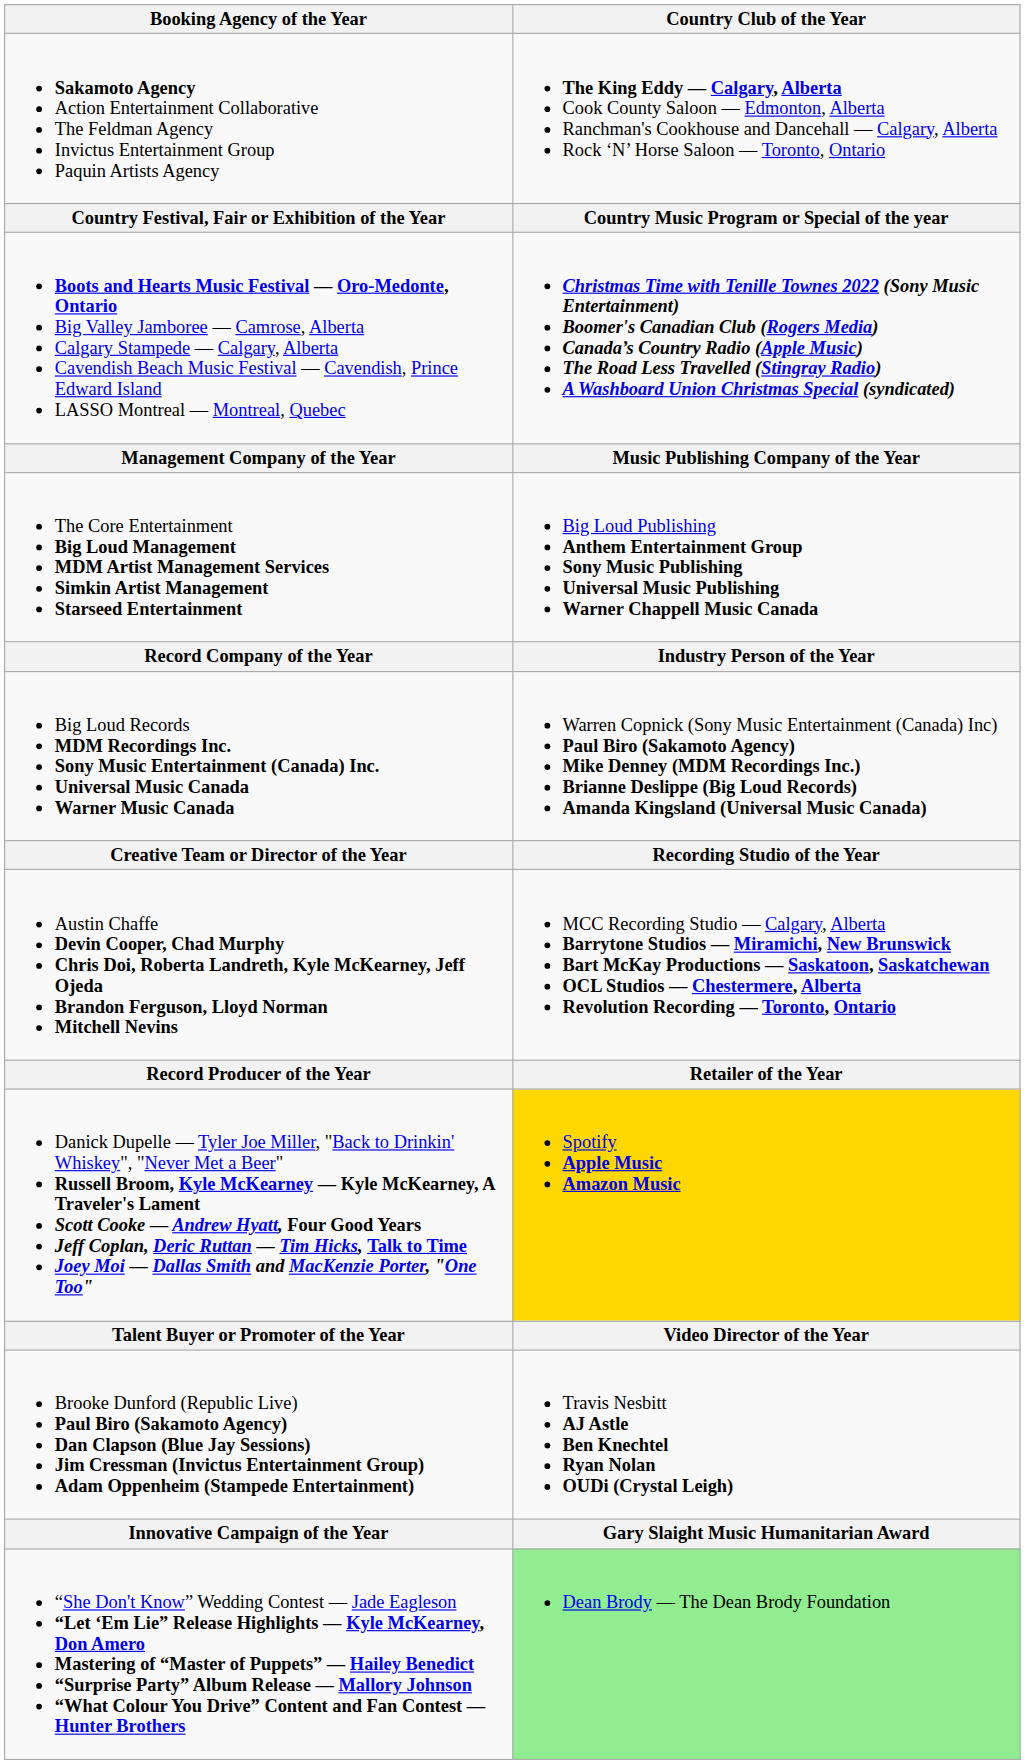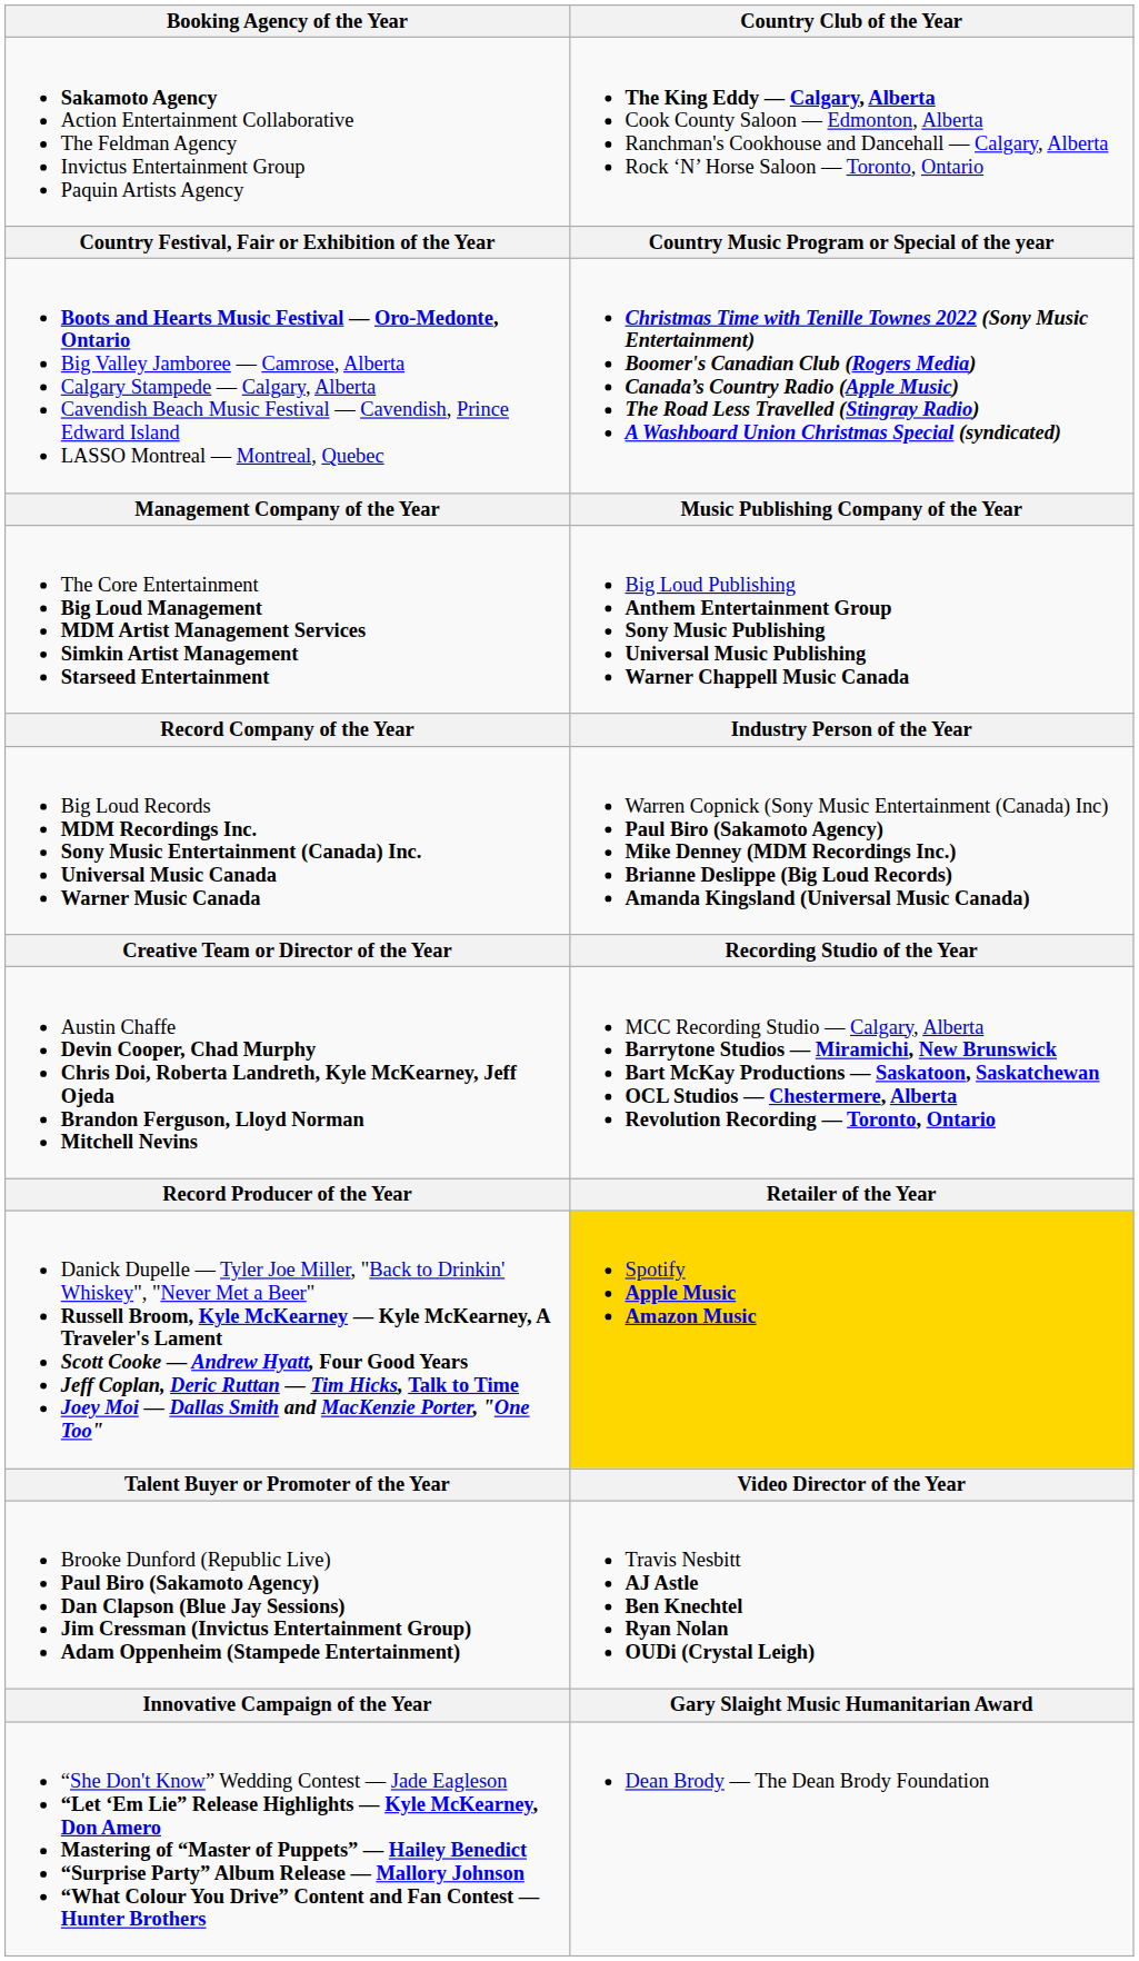 <table class="wikitable" style="width:100%">
 <tr>
 <th style="width:50%">Booking Agency of the Year</th>
 <th style="width:50%">Country Club of the Year</th>
 </tr>
 <tr>
 <td valign="top"><br><ul><li> <strong>Sakamoto Agency</strong></li><li>Action Entertainment Collaborative</li><li>The Feldman Agency</li><li>Invictus Entertainment Group</li><li>Paquin Artists Agency</li></ul></td>
 <td valign="top"><br><ul><li> <strong>The King Eddy — <a href='#'>Calgary</a>, <a href='#'>Alberta</a></strong></li><li>Cook County Saloon — <a href='#'>Edmonton</a>, <a href='#'>Alberta</a></li><li>Ranchman's Cookhouse and Dancehall — <a href='#'>Calgary</a>, <a href='#'>Alberta</a></li><li>Rock ‘N’ Horse Saloon — <a href='#'>Toronto</a>, <a href='#'>Ontario</a></li></ul></td>
 </tr>
 <tr>
 <th style="width:50%">Country Festival, Fair or Exhibition of the Year</th>
 <th style="width:50%">Country Music Program or Special of the year</th>
 </tr>
 <tr>
 <td valign="top"><br><ul><li> <strong><a href='#'>Boots and Hearts Music Festival</a> — <a href='#'>Oro-Medonte</a>, <a href='#'>Ontario</a></strong></li><li><a href='#'>Big Valley Jamboree</a> — <a href='#'>Camrose</a>, <a href='#'>Alberta</a></li><li><a href='#'>Calgary Stampede</a> — <a href='#'>Calgary</a>, <a href='#'>Alberta</a></li><li><a href='#'>Cavendish Beach Music Festival</a> — <a href='#'>Cavendish</a>, <a href='#'>Prince Edward Island</a></li><li>LASSO Montreal — <a href='#'>Montreal</a>, <a href='#'>Quebec</a></li></ul></td>
 <td valign="top"><br><ul><li> <strong><em><a href='#'>Christmas Time with Tenille Townes 2022</a><em> (Sony Music Entertainment)<strong></li><li></em>Boomer's Canadian Club<em> (<a href='#'>Rogers Media</a>)</li><li></em>Canada’s Country Radio<em> (<a href='#'>Apple Music</a>)</li><li></em>The Road Less Travelled<em> (<a href='#'>Stingray Radio</a>)</li><li></em><a href='#'>A Washboard Union Christmas Special</a><em> (syndicated)</li></ul></td>
 </tr>
 <tr>
 <th style="width:50%">Management Company of the Year</th>
 <th style="width:50%">Music Publishing Company of the Year</th>
 </tr>
 <tr>
 <td valign="top"><br><ul><li> </strong>The Core Entertainment<strong></li><li>Big Loud Management</li><li>MDM Artist Management Services</li><li>Simkin Artist Management</li><li>Starseed Entertainment</li></ul></td>
 <td valign="top"><br><ul><li> </strong><a href='#'>Big Loud Publishing</a><strong></li><li>Anthem Entertainment Group</li><li>Sony Music Publishing</li><li>Universal Music Publishing</li><li>Warner Chappell Music Canada</li></ul></td>
 </tr>
 <tr>
 <th style="width:50%">Record Company of the Year</th>
 <th style="width:50%">Industry Person of the Year</th>
 </tr>
 <tr>
 <td valign="top"><br><ul><li> </strong>Big Loud Records<strong></li><li>MDM Recordings Inc.</li><li>Sony Music Entertainment (Canada) Inc.</li><li>Universal Music Canada</li><li>Warner Music Canada</li></ul></td>
 <td valign="top"><br><ul><li> </strong>Warren Copnick (Sony Music Entertainment (Canada) Inc)<strong></li><li>Paul Biro (Sakamoto Agency)</li><li>Mike Denney (MDM Recordings Inc.)</li><li>Brianne Deslippe (Big Loud Records)</li><li>Amanda Kingsland (Universal Music Canada)</li></ul></td>
 </tr>
 <tr>
 <th style="width:50%">Creative Team or Director of the Year</th>
 <th style="width:50%">Recording Studio of the Year</th>
 </tr>
 <tr>
 <td valign="top"><br><ul><li> </strong>Austin Chaffe<strong></li><li>Devin Cooper, Chad Murphy</li><li>Chris Doi, Roberta Landreth, Kyle McKearney, Jeff Ojeda</li><li>Brandon Ferguson, Lloyd Norman</li><li>Mitchell Nevins</li></ul></td>
 <td valign="top"><br><ul><li> </strong>MCC Recording Studio — <a href='#'>Calgary</a>, <a href='#'>Alberta</a><strong></li><li>Barrytone Studios — <a href='#'>Miramichi</a>, <a href='#'>New Brunswick</a></li><li>Bart McKay Productions — <a href='#'>Saskatoon</a>, <a href='#'>Saskatchewan</a></li><li>OCL Studios — <a href='#'>Chestermere</a>, <a href='#'>Alberta</a></li><li>Revolution Recording — <a href='#'>Toronto</a>, <a href='#'>Ontario</a></li></ul></td>
 </tr>
 <tr>
 <th style="width:50%">Record Producer of the Year</th>
 <th style="width:50%">Retailer of the Year</th>
 </tr>
 <tr>
 <td valign="top"><br><ul><li> </strong>Danick Dupelle — <a href='#'>Tyler Joe Miller</a>, "<a href='#'>Back to Drinkin' Whiskey</a>", "<a href='#'>Never Met a Beer</a>"<strong></li><li>Russell Broom, <a href='#'>Kyle McKearney</a> — Kyle McKearney, </em>A Traveler's Lament<em></li><li>Scott Cooke — <a href='#'>Andrew Hyatt</a>, </em>Four Good Years<em></li><li>Jeff Coplan, <a href='#'>Deric Ruttan</a> — <a href='#'>Tim Hicks</a>, </em><a href='#'>Talk to Time</a><em></li><li><a href='#'>Joey Moi</a> — <a href='#'>Dallas Smith</a> and <a href='#'>MacKenzie Porter</a>, "<a href='#'>One Too</a>"</li></ul></td>
 <td valign="top" style="background: gold;"><br><ul><li> </strong><a href='#'>Spotify</a><strong></li><li><a href='#'>Apple Music</a></li><li><a href='#'>Amazon Music</a></li></ul></td>
 </tr>
 <tr>
 <th style="width:50%">Talent Buyer or Promoter of the Year</th>
 <th style="width:50%">Video Director of the Year</th>
 </tr>
 <tr>
 <td valign="top"><br><ul><li> </strong>Brooke Dunford (Republic Live)<strong></li><li>Paul Biro (Sakamoto Agency)</li><li>Dan Clapson (Blue Jay Sessions)</li><li>Jim Cressman (Invictus Entertainment Group)</li><li>Adam Oppenheim (Stampede Entertainment)</li></ul></td>
 <td valign="top"><br><ul><li> </strong>Travis Nesbitt<strong></li><li>AJ Astle</li><li>Ben Knechtel</li><li>Ryan Nolan</li><li>OUDi (Crystal Leigh)</li></ul></td>
 </tr>
 <tr>
 <th style="width:50%">Innovative Campaign of the Year</th>
 <th style="width:50%">Gary Slaight Music Humanitarian Award</th>
 </tr>
 <tr>
 <td valign="top"><br><ul><li> </strong>“<a href='#'>She Don't Know</a>” Wedding Contest — <a href='#'>Jade Eagleson</a><strong></li><li>“Let ‘Em Lie” Release Highlights — <a href='#'>Kyle McKearney</a>, <a href='#'>Don Amero</a></li><li>Mastering of “Master of Puppets” — <a href='#'>Hailey Benedict</a></li><li>“Surprise Party” Album Release — <a href='#'>Mallory Johnson</a></li><li>“What Colour You Drive” Content and Fan Contest — <a href='#'>Hunter Brothers</a></li></ul></td>
-<td valign="top" style="background: lightgreen;"><br><ul><li> </strong><a href='#'>Dean Brody</a> — The Dean Brody Foundation<strong></li></ul></td>
+<td valign="top"><br><ul><li> </strong><a href='#'>Dean Brody</a> — The Dean Brody Foundation<strong></li></ul></td>
 </tr>
 </table>
